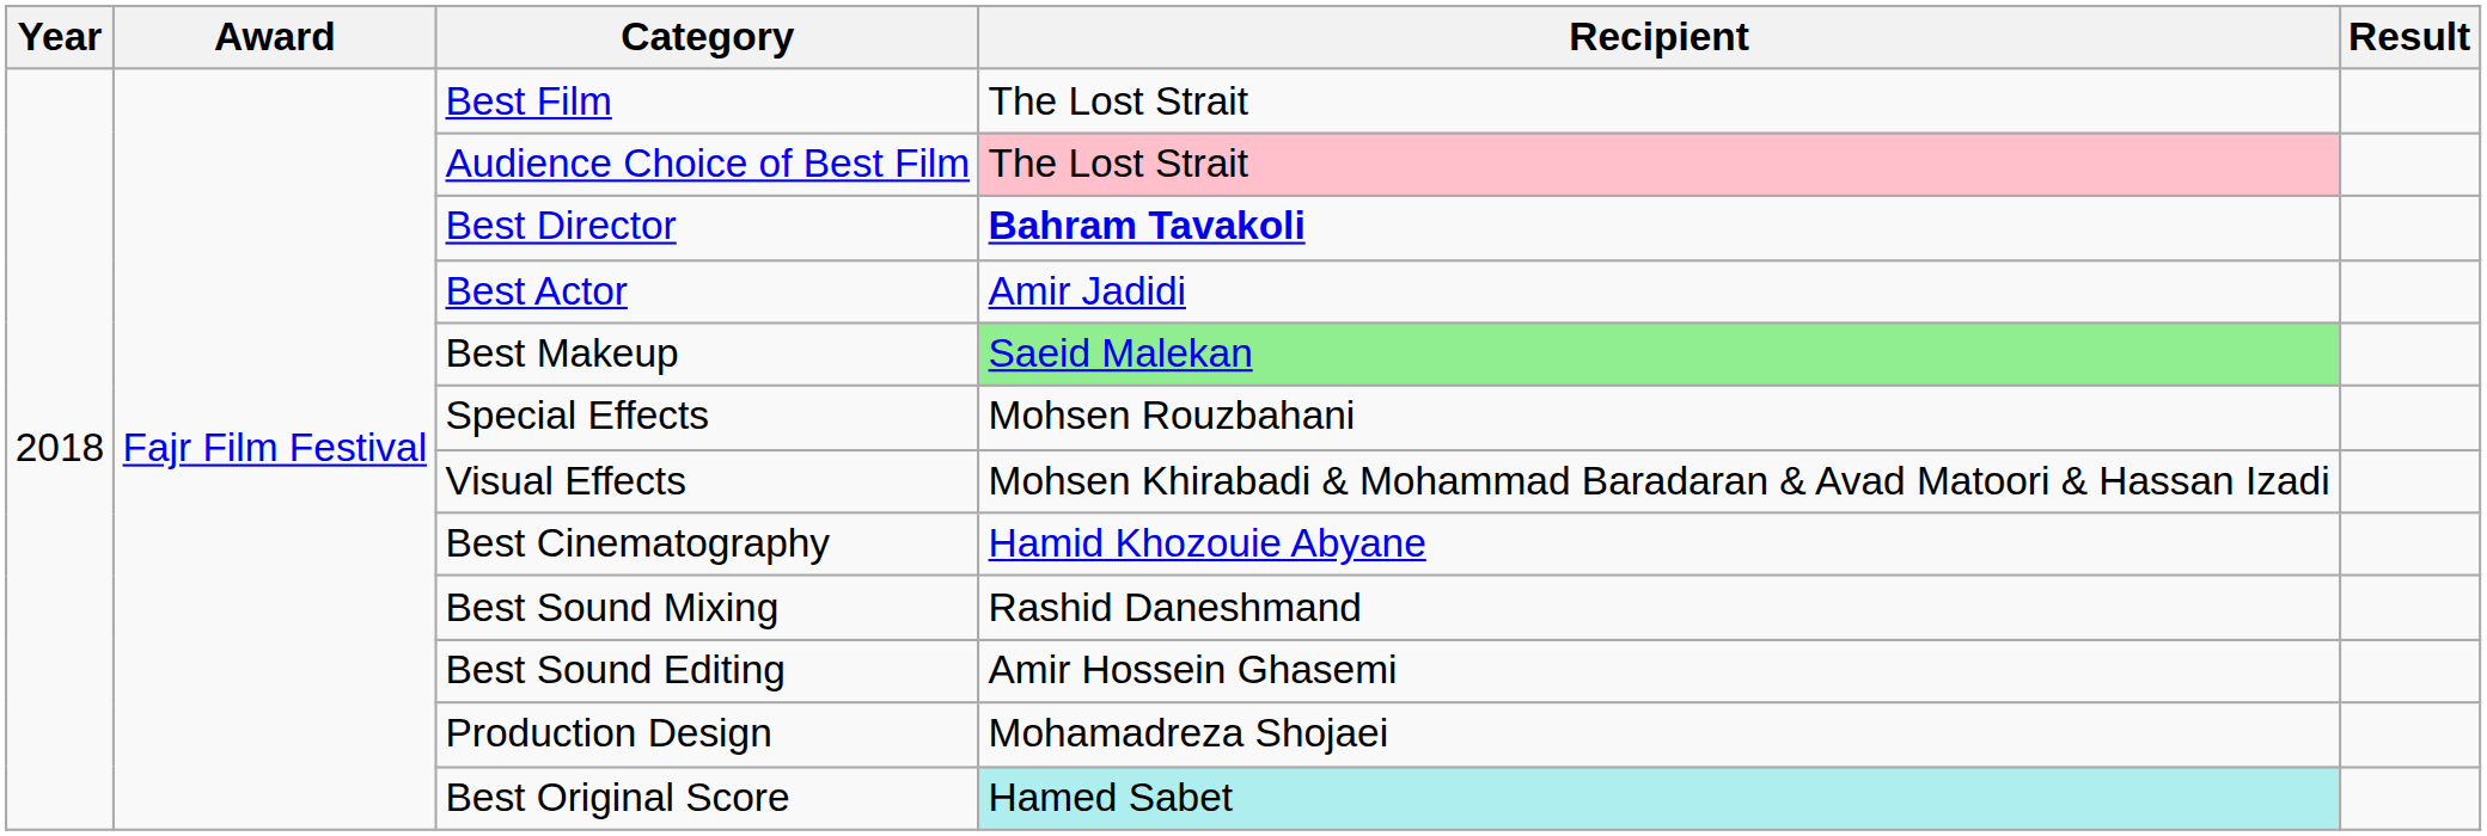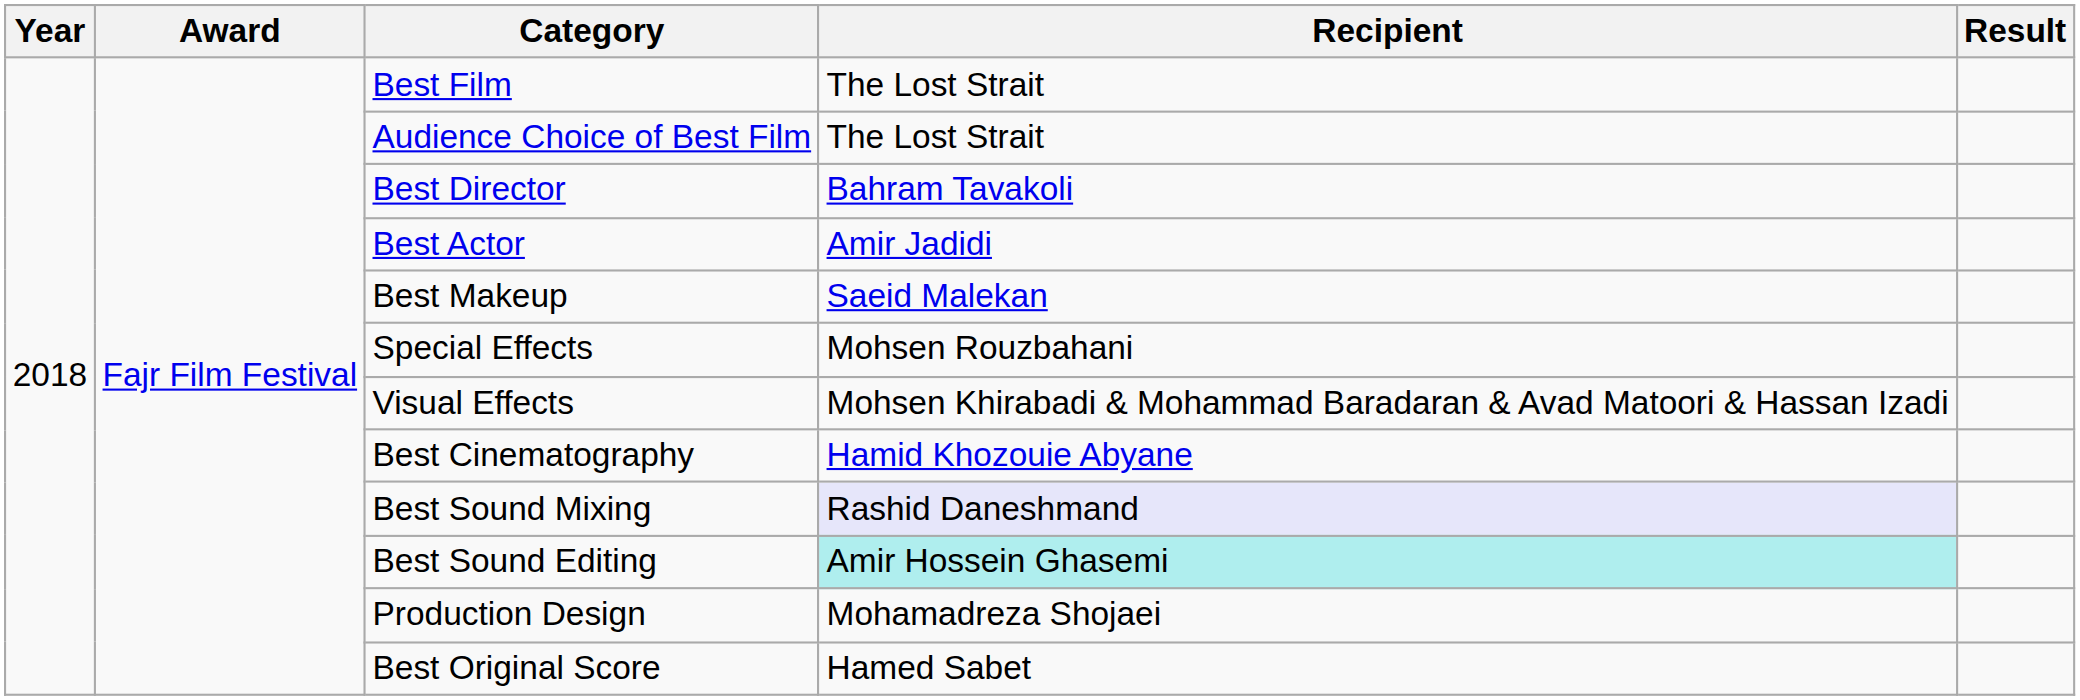 <table class="wikitable sortable">
 <tr>
 <th>Year</th>
 <th>Award</th>
 <th>Category</th>
 <th>Recipient</th>
 <th>Result</th>
 </tr>
 <tr>
 <td rowspan="12">2018</td>
 <td rowspan="12"><a href='#'>Fajr Film Festival</a></td>
 <td><a href='#'>Best Film</a></td>
 <td>The Lost Strait</td>
 <td></td>
 </tr>
 <tr>
 <td><a href='#'>Audience Choice of Best Film</a></td>
-<td style="background: pink;">The Lost Strait</td>
+<td>The Lost Strait</td>
 <td></td>
 </tr>
 <tr>
 <td><a href='#'>Best Director</a></td>
-<td><strong><a href='#'>Bahram Tavakoli</a></strong></td>
+<td><a href='#'>Bahram Tavakoli</a></td>
 <td></td>
 </tr>
 <tr>
 <td><a href='#'>Best Actor</a></td>
 <td><a href='#'>Amir Jadidi</a></td>
 <td></td>
 </tr>
 <tr>
 <td>Best Makeup</td>
-<td style="background: lightgreen;"><a href='#'>Saeid Malekan</a></td>
+<td><a href='#'>Saeid Malekan</a></td>
 <td></td>
 </tr>
 <tr>
 <td>Special Effects</td>
 <td>Mohsen Rouzbahani</td>
 <td></td>
 </tr>
 <tr>
 <td>Visual Effects</td>
 <td>Mohsen Khirabadi & Mohammad Baradaran & Avad Matoori & Hassan Izadi</td>
 <td></td>
 </tr>
 <tr>
 <td>Best Cinematography</td>
 <td><a href='#'>Hamid Khozouie Abyane</a></td>
 <td></td>
 </tr>
 <tr>
 <td>Best Sound Mixing</td>
-<td>Rashid Daneshmand</td>
+<td style="background: lavender;">Rashid Daneshmand</td>
 <td></td>
 </tr>
 <tr>
 <td>Best Sound Editing</td>
-<td>Amir Hossein Ghasemi</td>
+<td style="background: paleturquoise;">Amir Hossein Ghasemi</td>
 <td></td>
 </tr>
 <tr>
 <td>Production Design</td>
 <td>Mohamadreza Shojaei</td>
 <td></td>
 </tr>
 <tr>
 <td>Best Original Score</td>
-<td style="background: paleturquoise;">Hamed Sabet</td>
+<td>Hamed Sabet</td>
 <td></td>
 </tr>
 </table>
